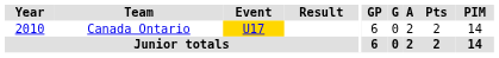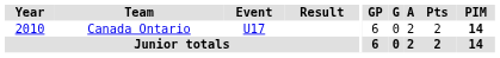 <table border="0" cellpadding="1" cellspacing="0" ID="Table3" style="text-align:center; width:40em">
 <tr ALIGN="centre" bgcolor="#e0e0e0">
 <th>Year</th>
 <th>Team</th>
 <th>Event</th>
 <th>Result</th>
 <th rowspan="99" bgcolor="#ffffff"></th>
 <th>GP</th>
 <th>G</th>
 <th>A</th>
 <th>Pts</th>
 <th>PIM</th>
 </tr>
 <tr>
 <td><a href='#'>2010</a></td>
 <td><a href='#'>Canada Ontario</a></td>
-<td style="background: gold;"><a href='#'>U17</a></td>
+<td><a href='#'>U17</a></td>
 <td></td>
 <td>6</td>
 <td>0</td>
 <td>2</td>
 <td>2</td>
-<td>14</td>
+<td><strong>14</strong></td>
 </tr>
 <tr ALIGN="centre" bgcolor="#e0e0e0">
 <th colspan=4>Junior totals</th>
 <th>6</th>
 <th>0</th>
 <th>2</th>
 <th>2</th>
 <th>14</th>
 </tr>
 </table>
